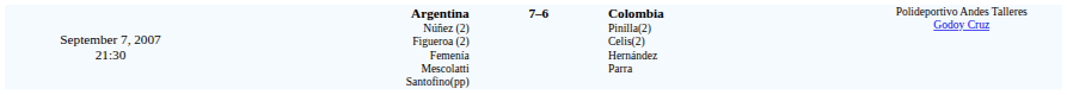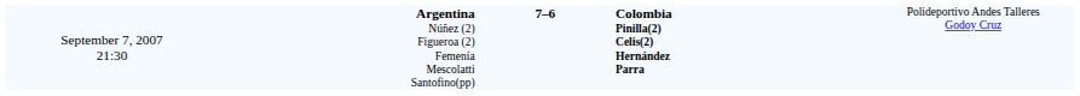 <table style="width: 100%; background:#F5FAFF;" cellspacing="0">
 <tr>
 <td align=center rowspan=3 width=20%>September 7, 2007<br>21:30</td>
 </tr>
 <tr>
 <td width=24% align=right><strong>Argentina</strong></td>
 <td align=center width=13%><strong>7–6</strong></td>
 <td width=24%><strong>Colombia</strong></td>
 <td style=font-size:85% rowspan=3 valign=top align=center>Polideportivo Andes Talleres<br><a href='#'>Godoy Cruz</a></td>
 </tr>
 <tr style=font-size:85%>
 <td align=right valign=top>Núñez (2)<br>Figueroa (2)<br>Femenía<br>Mescolatti<br>Santofino(pp)</td>
 <td></td>
-<td valign=top>Pinilla(2)<br>Celis(2)<br>Hernández<br>Parra</td>
+<td valign=top><strong>Pinilla(2)<br>Celis(2)<br>Hernández<br>Parra</strong></td>
 </tr>
 </table>
